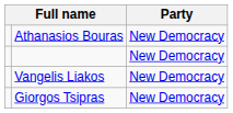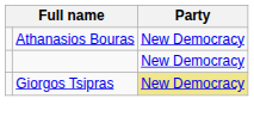 <table class="wikitable">
 <tr>
 <th colspan="2">Full name</th>
 <th>Party</th>
 </tr>
 <tr>
 <td width="1" style="color:inherit;background:"></td>
 <td><a href='#'>Athanasios Bouras</a></td>
 <td><a href='#'>New Democracy</a></td>
 </tr>
 <tr>
 <td width="1" style="color:inherit;background:"></td>
 <td></td>
 <td><a href='#'>New Democracy</a></td>
 </tr>
 <tr>
 <td width="1" style="color:inherit;background:"></td>
-<td><a href='#'>Vangelis Liakos</a></td>
-<td><a href='#'>New Democracy</a></td>
-</tr>
-<tr>
-<td width="1" style="color:inherit;background:"></td>
 <td><a href='#'>Giorgos Tsipras</a></td>
-<td><a href='#'>New Democracy</a></td>
+<td style="background: khaki;"><a href='#'>New Democracy</a></td>
 </tr>
 </table>
